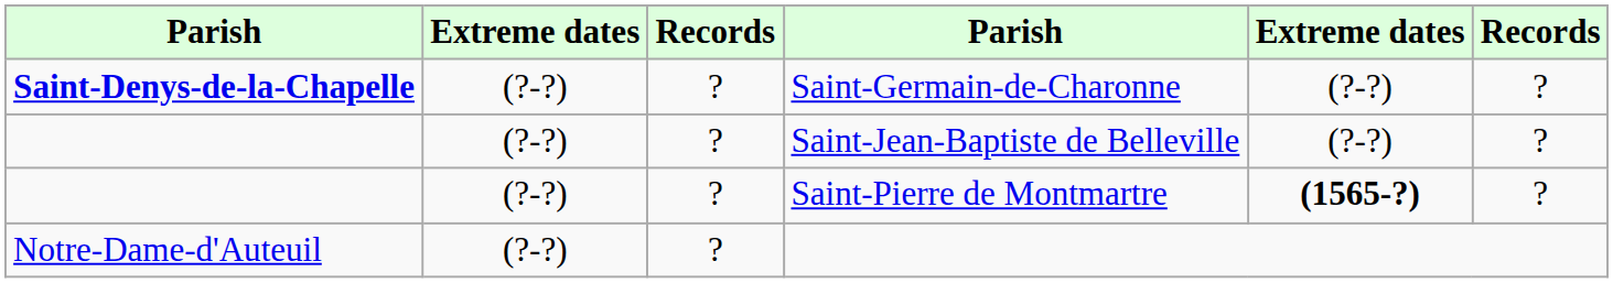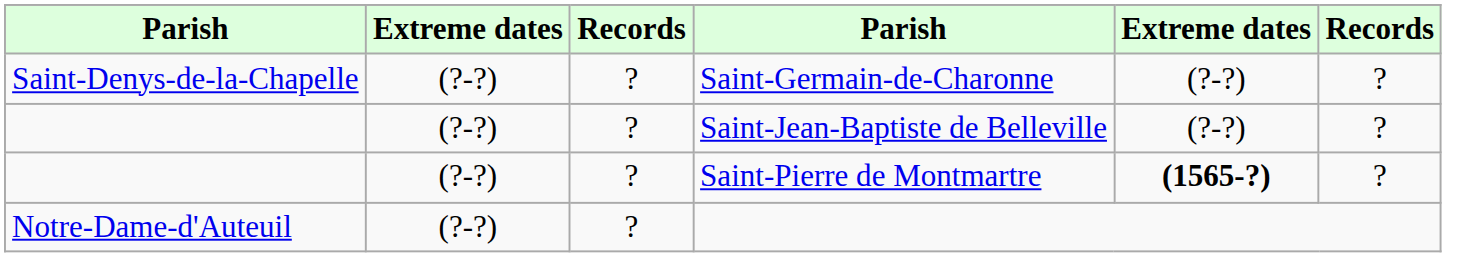 <table class="wikitable centre">
 <tr>
 <th style="background: #ddffdd; color:#000000;">Parish</th>
 <th style="background: #ddffdd; color:#000000;">Extreme dates</th>
 <th style="background: #ddffdd; color:#000000;">Records</th>
 <th style="background: #ddffdd; color:#000000;">Parish</th>
 <th style="background: #ddffdd; color:#000000;">Extreme dates</th>
 <th style="background: #ddffdd; color:#000000;">Records</th>
 </tr>
 <tr>
-<td><strong><a href='#'>Saint-Denys-de-la-Chapelle</a></strong></td>
+<td><a href='#'>Saint-Denys-de-la-Chapelle</a></td>
 <td align="center">(?-?)</td>
 <td align="center">?</td>
 <td><a href='#'>Saint-Germain-de-Charonne</a></td>
 <td align="center">(?-?)</td>
 <td align="center">?</td>
 </tr>
 <tr>
 <td></td>
 <td align="center">(?-?)</td>
 <td align="center">?</td>
 <td><a href='#'>Saint-Jean-Baptiste de Belleville</a></td>
 <td align="center">(?-?)</td>
 <td align="center">?</td>
 </tr>
 <tr>
 <td></td>
 <td align="center">(?-?)</td>
 <td align="center">?</td>
 <td><a href='#'>Saint-Pierre de Montmartre</a></td>
 <td align="center"><strong>(1565-?)</strong></td>
 <td align="center">?</td>
 </tr>
 <tr>
 <td><a href='#'>Notre-Dame-d'Auteuil</a></td>
 <td align="center">(?-?)</td>
 <td align="center">?</td>
 <td colspan="6" style="font-size:90%;text-align:center"></td>
 </tr>
 </table>
